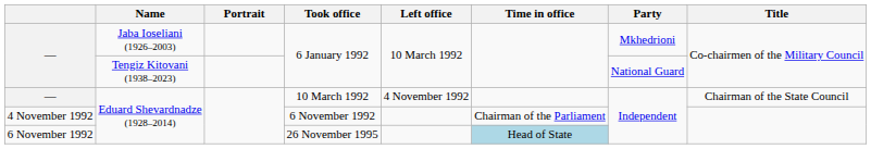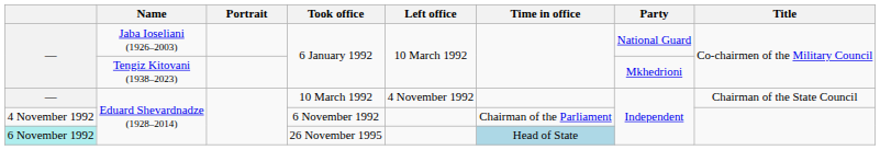 <table class="wikitable" style="text-align:center">
 <tr>
 <th></th>
 <th>Name<br></th>
 <th width="100px">Portrait</th>
 <th>Took office</th>
 <th>Left office</th>
 <th>Time in office</th>
 <th>Party</th>
 <th>Title</th>
 </tr>
 <tr>
 <th rowspan=2 style="background:">—</th>
 <td><a href='#'>Jaba Ioseliani</a><br><small>(1926–2003)</small></td>
 <td></td>
 <td rowspan=2>6 January 1992</td>
 <td rowspan=2>10 March 1992</td>
 <td rowspan="2"></td>
-<td><a href='#'>Mkhedrioni</a></td>
+<td><a href='#'>National Guard</a></td>
 <td rowspan=2>Co-chairmen of the <a href='#'>Military Council</a></td>
 </tr>
 <tr>
 <td><a href='#'>Tengiz Kitovani</a><br><small>(1938–2023)</small></td>
 <td></td>
-<td><a href='#'>National Guard</a></td>
+<td><a href='#'>Mkhedrioni</a></td>
 </tr>
 <tr>
 <th style="background:">—</th>
 <td rowspan="3"><a href='#'>Eduard Shevardnadze</a><br><small>(1928–2014)</small></td>
 <td rowspan="3"></td>
 <td>10 March 1992</td>
 <td>4 November 1992</td>
 <td></td>
 <td rowspan="3"><a href='#'>Independent</a></td>
 <td>Chairman of the State Council</td>
 </tr>
 <tr>
 <td>4 November 1992</td>
 <td>6 November 1992</td>
 <td></td>
 <td>Chairman of the <a href='#'>Parliament</a></td>
 </tr>
 <tr>
-<td>6 November 1992</td>
+<td style="background: paleturquoise;">6 November 1992</td>
 <td>26 November 1995</td>
 <td></td>
 <td style="background: lightblue;">Head of State</td>
 </tr>
 </table>
